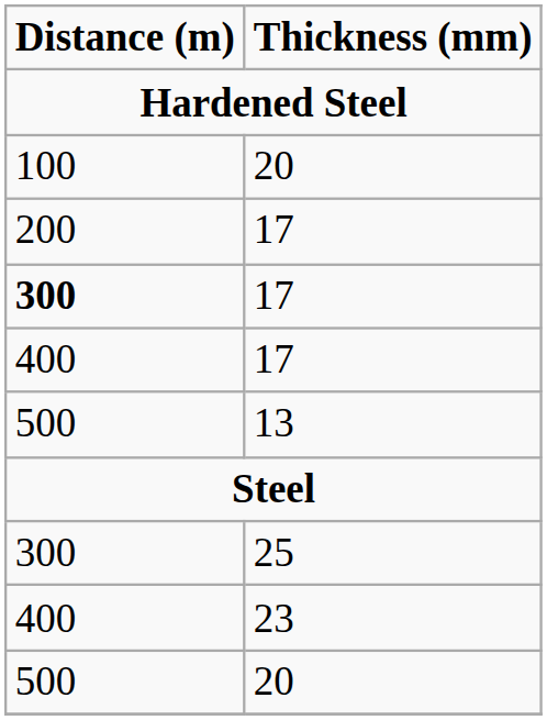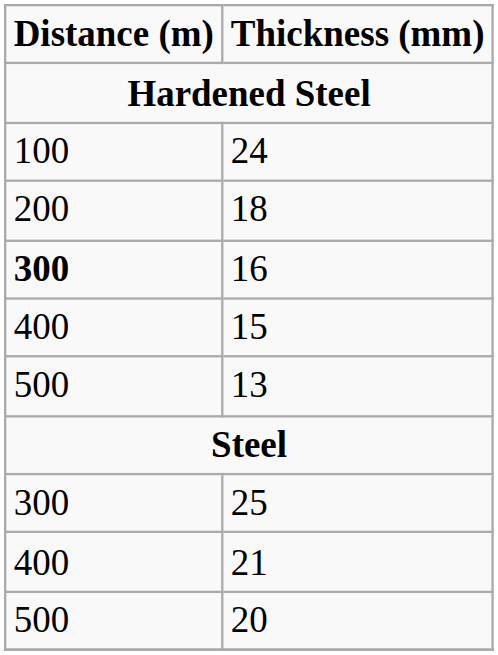 <table class="wikitable">
 <tr>
 <td><strong>Distance (m)</strong></td>
 <td><strong>Thickness (mm)</strong></td>
 </tr>
 <tr>
 <td colspan=2 align="center"><strong>Hardened Steel</strong></td>
 </tr>
 <tr>
 <td>100</td>
-<td>20</td>
+<td>24</td>
 </tr>
 <tr>
 <td>200</td>
-<td>17</td>
+<td>18</td>
 </tr>
 <tr>
 <td><strong>300</strong></td>
-<td>17</td>
+<td>16</td>
 </tr>
 <tr>
 <td>400</td>
-<td>17</td>
+<td>15</td>
 </tr>
 <tr>
 <td>500</td>
 <td>13</td>
 </tr>
 <tr>
 <td colspan=2 align="center"><strong>Steel</strong></td>
 </tr>
 <tr>
 <td>300</td>
 <td>25</td>
 </tr>
 <tr>
 <td>400</td>
-<td>23</td>
+<td>21</td>
 </tr>
 <tr>
 <td>500</td>
 <td>20</td>
 </tr>
 <tr>
 </tr>
 </table>
